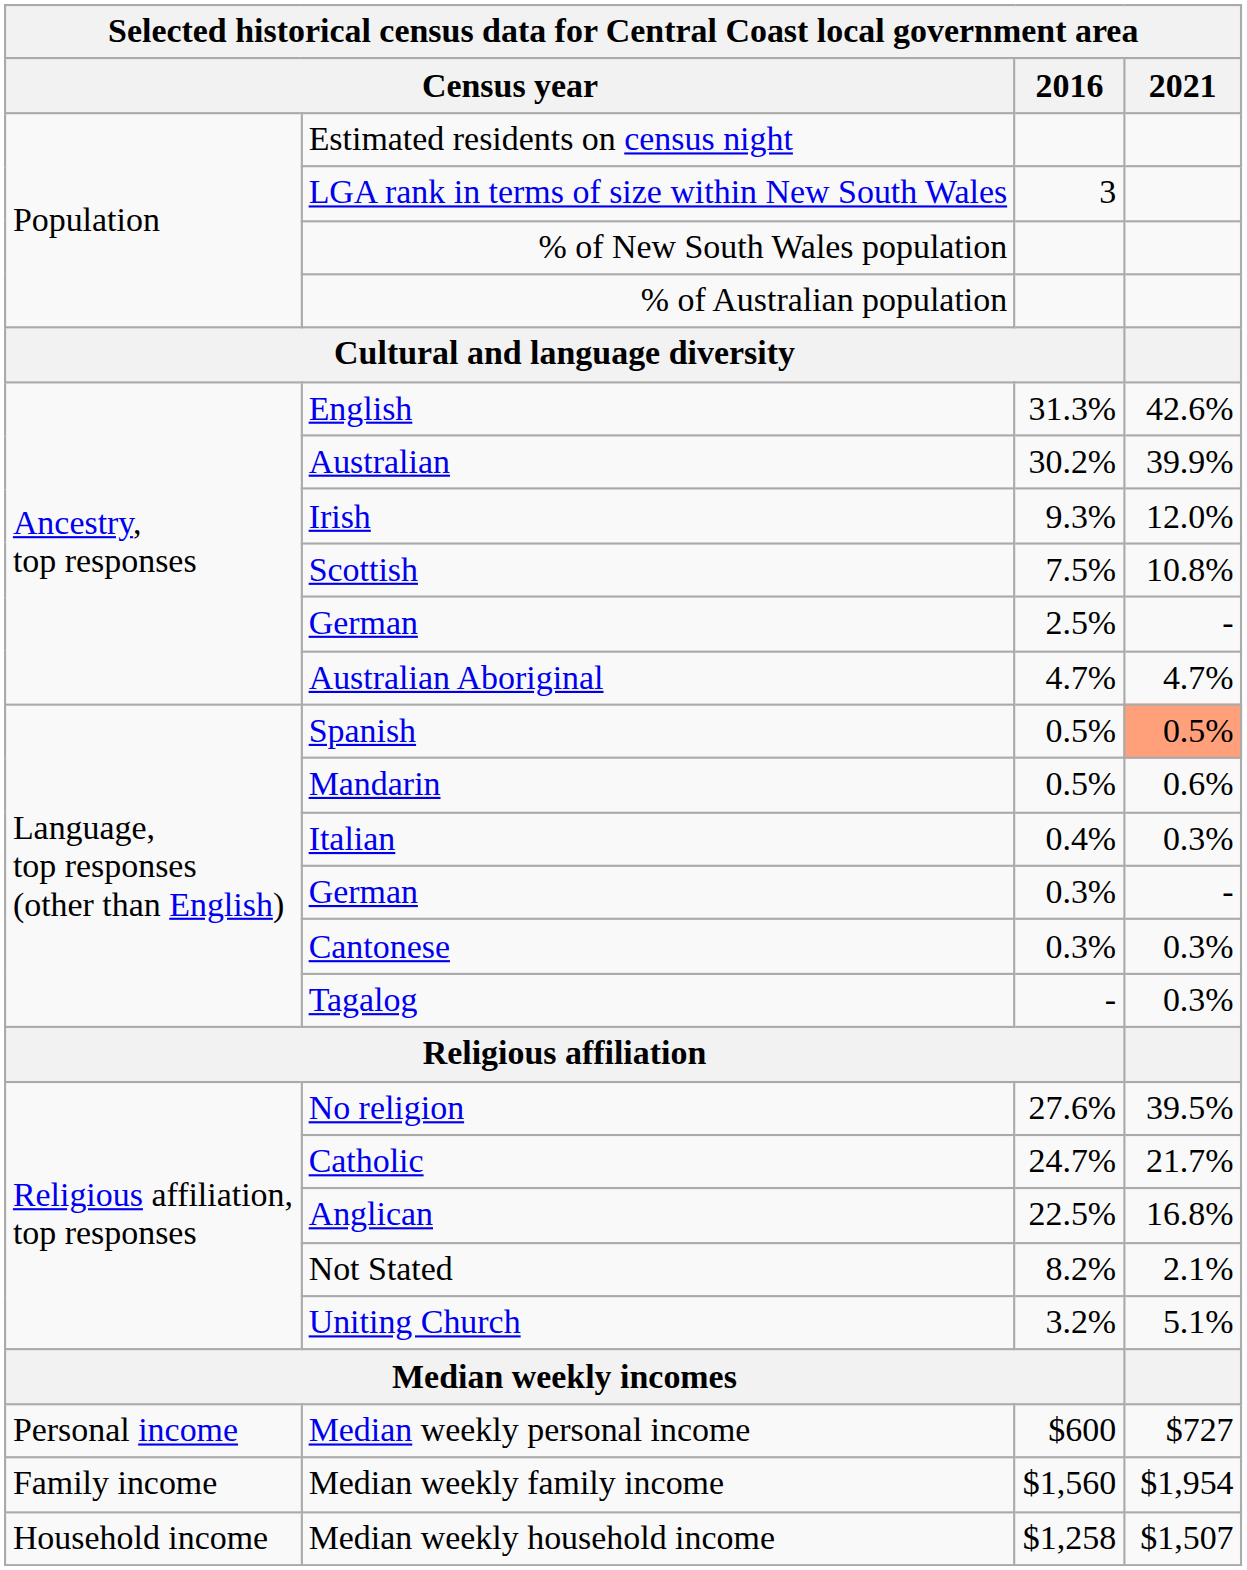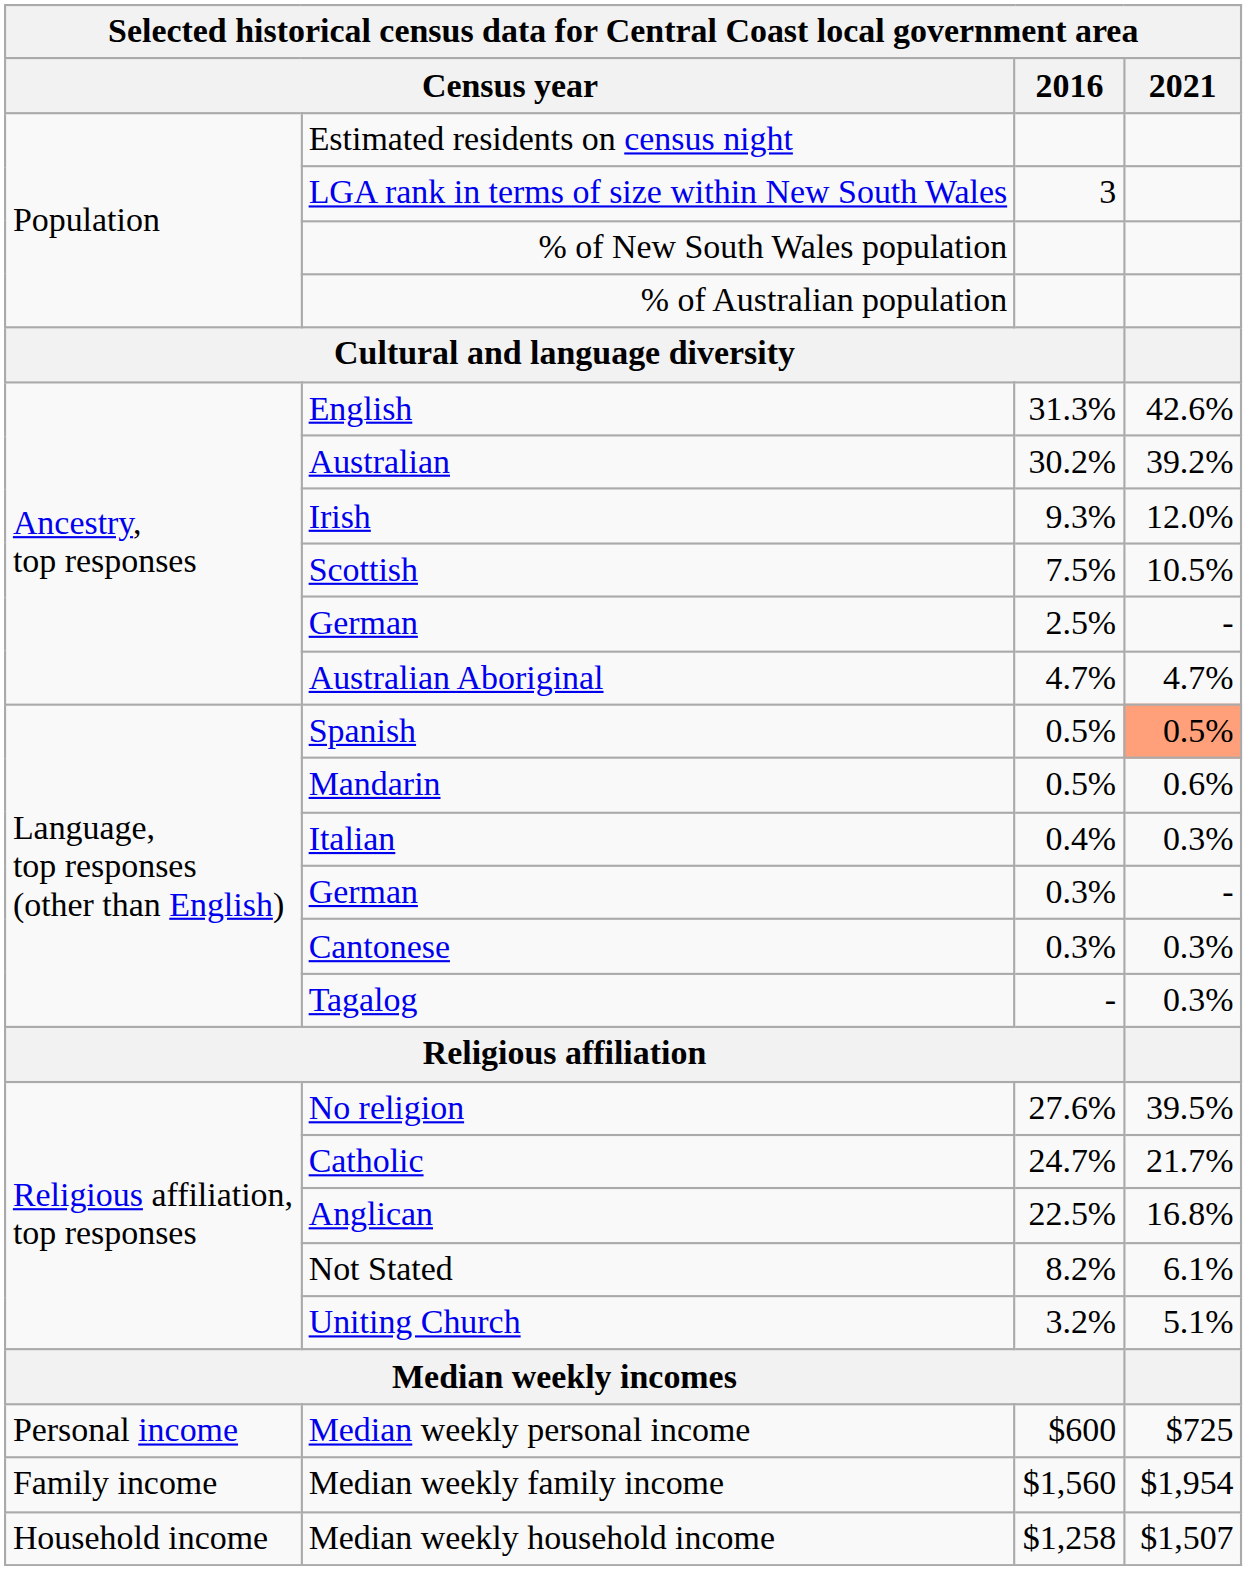 <table class="wikitable">
 <tr>
 <th colspan=7>Selected historical census data for Central Coast local government area</th>
 </tr>
 <tr>
 <th colspan=3>Census year</th>
 <th>2016</th>
 <th>2021</th>
 </tr>
 <tr>
 <td rowspan=4 colspan="2">Population</td>
 <td>Estimated residents on <a href='#'>census night</a></td>
 <td align="right"></td>
 <td align="right"></td>
 </tr>
 <tr>
 <td align="right"><a href='#'>LGA rank in terms of size within New South Wales</a></td>
 <td align="right">3</td>
 <td align="right"></td>
 </tr>
 <tr>
 <td align="right">% of New South Wales population</td>
 <td align="right"></td>
 <td align="right"></td>
 </tr>
 <tr>
 <td align="right">% of Australian population</td>
 <td align="right"></td>
 <td align="right"></td>
 </tr>
 <tr>
 <th colspan=4>Cultural and language diversity</th>
 <th></th>
 </tr>
 <tr>
 <td rowspan=6 colspan="2"><a href='#'>Ancestry</a>,<br>top responses</td>
 <td><a href='#'>English</a></td>
 <td align="right">31.3%</td>
 <td align="right"> 42.6%</td>
 </tr>
 <tr>
 <td><a href='#'>Australian</a></td>
 <td align="right">30.2%</td>
-<td align="right"> 39.9%</td>
+<td align="right"> 39.2%</td>
 </tr>
 <tr>
 <td><a href='#'>Irish</a></td>
 <td align="right">9.3%</td>
 <td align="right"> 12.0%</td>
 </tr>
 <tr>
 <td><a href='#'>Scottish</a></td>
 <td align="right">7.5%</td>
-<td align="right"> 10.8%</td>
+<td align="right"> 10.5%</td>
 </tr>
 <tr>
 <td><a href='#'>German</a></td>
 <td align="right">2.5%</td>
 <td align="right">-</td>
 </tr>
 <tr>
 <td><a href='#'>Australian Aboriginal</a></td>
 <td align="right">4.7%</td>
 <td align="right"> 4.7%</td>
 </tr>
 <tr>
 <td rowspan=6 colspan="2">Language,<br>top responses<br>(other than <a href='#'>English</a>)</td>
 <td><a href='#'>Spanish</a></td>
 <td align="right">0.5%</td>
 <td align="right" style="background: lightsalmon;"> 0.5%</td>
 </tr>
 <tr>
 <td><a href='#'>Mandarin</a></td>
 <td align="right">0.5%</td>
 <td align="right"> 0.6%</td>
 </tr>
 <tr>
 <td><a href='#'>Italian</a></td>
 <td align="right">0.4%</td>
 <td align="right"> 0.3%</td>
 </tr>
 <tr>
 <td><a href='#'>German</a></td>
 <td align="right">0.3%</td>
 <td align="right">-</td>
 </tr>
 <tr>
 <td><a href='#'>Cantonese</a></td>
 <td align="right">0.3%</td>
 <td align="right"> 0.3%</td>
 </tr>
 <tr>
 <td><a href='#'>Tagalog</a></td>
 <td align="right">-</td>
 <td align="right">0.3%</td>
 </tr>
 <tr>
 <th colspan=4>Religious affiliation</th>
 <th></th>
 </tr>
 <tr>
 <td rowspan=5 colspan="2"><a href='#'>Religious</a> affiliation,<br>top responses</td>
 <td><a href='#'>No religion</a></td>
 <td align="right">27.6%</td>
 <td align="right"> 39.5%</td>
 </tr>
 <tr>
 <td><a href='#'>Catholic</a></td>
 <td align="right">24.7%</td>
 <td align="right"> 21.7%</td>
 </tr>
 <tr>
 <td><a href='#'>Anglican</a></td>
 <td align="right">22.5%</td>
 <td align="right"> 16.8%</td>
 </tr>
 <tr>
 <td>Not Stated</td>
 <td align="right">8.2%</td>
-<td align="right"> 2.1%</td>
+<td align="right"> 6.1%</td>
 </tr>
 <tr>
 <td><a href='#'>Uniting Church</a></td>
 <td align="right">3.2%</td>
 <td align="right"> 5.1%</td>
 </tr>
 <tr>
 <th colspan=4>Median weekly incomes</th>
 <th></th>
 </tr>
 <tr>
 <td rowspan=1 colspan="2">Personal <a href='#'>income</a></td>
 <td><a href='#'>Median</a> weekly personal income</td>
 <td align="right">$600</td>
-<td align="right"> $727</td>
+<td align="right"> $725</td>
 </tr>
 <tr>
 <td rowspan=1 colspan="2">Family income</td>
 <td>Median weekly family income</td>
 <td align="right">$1,560</td>
 <td align="right"> $1,954</td>
 </tr>
 <tr>
 <td rowspan=1 colspan="2">Household income</td>
 <td>Median weekly household income</td>
 <td align="right">$1,258</td>
 <td align="right"> $1,507</td>
 </tr>
 <tr>
 </tr>
 </table>
